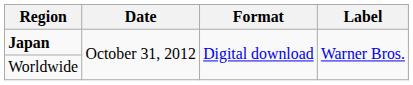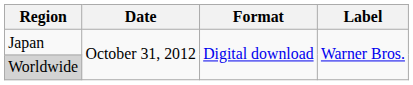 <table class=wikitable>
 <tr>
 <th>Region</th>
 <th>Date</th>
 <th>Format</th>
 <th>Label</th>
 </tr>
 <tr>
-<td><strong>Japan</strong></td>
+<td>Japan</td>
 <td rowspan="2">October 31, 2012</td>
 <td rowspan="2"><a href='#'>Digital download</a></td>
 <td rowspan="2"><a href='#'>Warner Bros.</a></td>
 </tr>
 <tr>
-<td>Worldwide</td>
+<td style="background: lightgrey;">Worldwide</td>
 </tr>
 </table>
